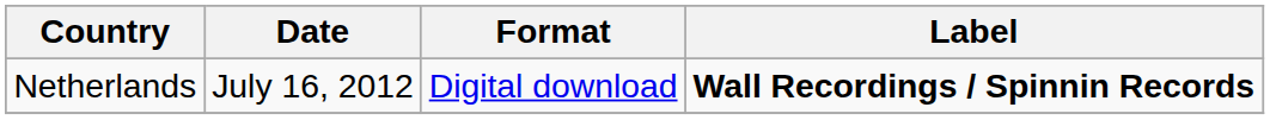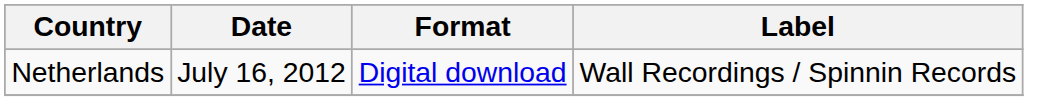 <table class=wikitable>
 <tr>
 <th scope="col">Country</th>
 <th scope="col">Date</th>
 <th scope="col">Format</th>
 <th scope="col">Label</th>
 </tr>
 <tr>
 <td>Netherlands</td>
 <td>July 16, 2012</td>
 <td><a href='#'>Digital download</a></td>
-<td><strong>Wall Recordings / Spinnin Records</strong></td>
+<td>Wall Recordings / Spinnin Records</td>
 </tr>
 <tr>
 </tr>
 </table>
